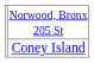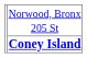 <table border=0 cellspacing=0>
 <tr>
 <td style="border:solid 1px gray;" rowspan=2></td>
 <td style="border-top:solid 1px gray;border-right:solid 1px gray;" align=center><small><a href='#'>Norwood, Bronx</a><br><a href='#'>205 St</a></small></td>
 </tr>
 <tr>
-<td style="border-top:solid 1px gray;border-bottom:solid 1px gray;border-right:solid 1px gray;" align=center><a href='#'>Coney Island</a></td>
+<td style="border-top:solid 1px gray;border-bottom:solid 1px gray;border-right:solid 1px gray;" align=center><strong><a href='#'>Coney Island</a></strong></td>
 </tr>
 </table>
